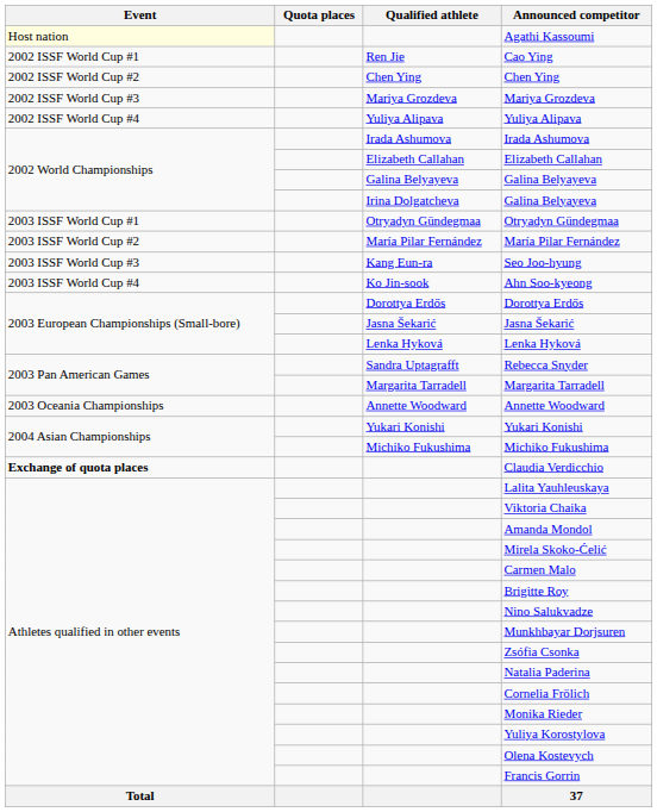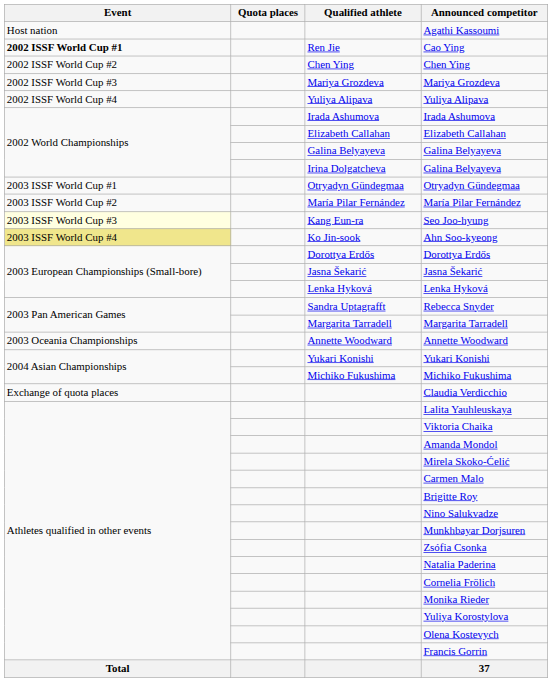 <table class=wikitable style="text-align:left" width=800>
 <tr>
 <th>Event</th>
 <th>Quota places</th>
 <th>Qualified athlete</th>
 <th>Announced competitor</th>
 </tr>
 <tr>
-<td style="background: lightyellow;">Host nation</td>
+<td>Host nation</td>
 <td></td>
 <td></td>
 <td><a href='#'>Agathi Kassoumi</a></td>
 </tr>
 <tr>
-<td>2002 ISSF World Cup #1</td>
+<td><strong>2002 ISSF World Cup #1</strong></td>
 <td></td>
 <td><a href='#'>Ren Jie</a></td>
 <td><a href='#'>Cao Ying</a></td>
 </tr>
 <tr>
 <td>2002 ISSF World Cup #2</td>
 <td></td>
 <td><a href='#'>Chen Ying</a></td>
 <td><a href='#'>Chen Ying</a></td>
 </tr>
 <tr>
 <td>2002 ISSF World Cup #3</td>
 <td></td>
 <td><a href='#'>Mariya Grozdeva</a></td>
 <td><a href='#'>Mariya Grozdeva</a></td>
 </tr>
 <tr>
 <td>2002 ISSF World Cup #4</td>
 <td></td>
 <td><a href='#'>Yuliya Alipava</a></td>
 <td><a href='#'>Yuliya Alipava</a></td>
 </tr>
 <tr>
 <td rowspan=4>2002 World Championships</td>
 <td></td>
 <td><a href='#'>Irada Ashumova</a></td>
 <td><a href='#'>Irada Ashumova</a></td>
 </tr>
 <tr>
 <td></td>
 <td><a href='#'>Elizabeth Callahan</a></td>
 <td><a href='#'>Elizabeth Callahan</a></td>
 </tr>
 <tr>
 <td></td>
 <td><a href='#'>Galina Belyayeva</a></td>
 <td><a href='#'>Galina Belyayeva</a></td>
 </tr>
 <tr>
 <td></td>
 <td><a href='#'>Irina Dolgatcheva</a></td>
 <td><a href='#'>Galina Belyayeva</a></td>
 </tr>
 <tr>
 <td>2003 ISSF World Cup #1</td>
 <td></td>
 <td><a href='#'>Otryadyn Gündegmaa</a></td>
 <td><a href='#'>Otryadyn Gündegmaa</a></td>
 </tr>
 <tr>
 <td>2003 ISSF World Cup #2</td>
 <td></td>
 <td><a href='#'>María Pilar Fernández</a></td>
 <td><a href='#'>María Pilar Fernández</a></td>
 </tr>
 <tr>
-<td>2003 ISSF World Cup #3</td>
+<td style="background: lightyellow;">2003 ISSF World Cup #3</td>
 <td></td>
 <td><a href='#'>Kang Eun-ra</a></td>
 <td><a href='#'>Seo Joo-hyung</a></td>
 </tr>
 <tr>
-<td>2003 ISSF World Cup #4</td>
+<td style="background: khaki;">2003 ISSF World Cup #4</td>
 <td></td>
 <td><a href='#'>Ko Jin-sook</a></td>
 <td><a href='#'>Ahn Soo-kyeong</a></td>
 </tr>
 <tr>
 <td rowspan=3>2003 European Championships (Small-bore)</td>
 <td></td>
 <td><a href='#'>Dorottya Erdős</a></td>
 <td><a href='#'>Dorottya Erdős</a></td>
 </tr>
 <tr>
 <td></td>
 <td><a href='#'>Jasna Šekarić</a></td>
 <td><a href='#'>Jasna Šekarić</a></td>
 </tr>
 <tr>
 <td></td>
 <td><a href='#'>Lenka Hyková</a></td>
 <td><a href='#'>Lenka Hyková</a></td>
 </tr>
 <tr>
 <td rowspan=2>2003 Pan American Games</td>
 <td></td>
 <td><a href='#'>Sandra Uptagrafft</a></td>
 <td><a href='#'>Rebecca Snyder</a></td>
 </tr>
 <tr>
 <td></td>
 <td><a href='#'>Margarita Tarradell</a></td>
 <td><a href='#'>Margarita Tarradell</a></td>
 </tr>
 <tr>
 <td>2003 Oceania Championships</td>
 <td></td>
 <td><a href='#'>Annette Woodward</a></td>
 <td><a href='#'>Annette Woodward</a></td>
 </tr>
 <tr>
 <td rowspan=2>2004 Asian Championships</td>
 <td></td>
 <td><a href='#'>Yukari Konishi</a></td>
 <td><a href='#'>Yukari Konishi</a></td>
 </tr>
 <tr>
 <td></td>
 <td><a href='#'>Michiko Fukushima</a></td>
 <td><a href='#'>Michiko Fukushima</a></td>
 </tr>
 <tr>
-<td><strong>Exchange of quota places</strong></td>
+<td>Exchange of quota places</td>
 <td></td>
 <td></td>
 <td><a href='#'>Claudia Verdicchio</a></td>
 </tr>
 <tr>
 <td rowspan=15>Athletes qualified in other events</td>
 <td></td>
 <td></td>
 <td><a href='#'>Lalita Yauhleuskaya</a></td>
 </tr>
 <tr>
 <td></td>
 <td></td>
 <td><a href='#'>Viktoria Chaika</a></td>
 </tr>
 <tr>
 <td></td>
 <td></td>
 <td><a href='#'>Amanda Mondol</a></td>
 </tr>
 <tr>
 <td></td>
 <td></td>
 <td><a href='#'>Mirela Skoko-Ćelić</a></td>
 </tr>
 <tr>
 <td></td>
 <td></td>
 <td><a href='#'>Carmen Malo</a></td>
 </tr>
 <tr>
 <td></td>
 <td></td>
 <td><a href='#'>Brigitte Roy</a></td>
 </tr>
 <tr>
 <td></td>
 <td></td>
 <td><a href='#'>Nino Salukvadze</a></td>
 </tr>
 <tr>
 <td></td>
 <td></td>
 <td><a href='#'>Munkhbayar Dorjsuren</a></td>
 </tr>
 <tr>
 <td></td>
 <td></td>
 <td><a href='#'>Zsófia Csonka</a></td>
 </tr>
 <tr>
 <td></td>
 <td></td>
 <td><a href='#'>Natalia Paderina</a></td>
 </tr>
 <tr>
 <td></td>
 <td></td>
 <td><a href='#'>Cornelia Frölich</a></td>
 </tr>
 <tr>
 <td></td>
 <td></td>
 <td><a href='#'>Monika Rieder</a></td>
 </tr>
 <tr>
 <td></td>
 <td></td>
 <td><a href='#'>Yuliya Korostylova</a></td>
 </tr>
 <tr>
 <td></td>
 <td></td>
 <td><a href='#'>Olena Kostevych</a></td>
 </tr>
 <tr>
 <td></td>
 <td></td>
 <td><a href='#'>Francis Gorrin</a></td>
 </tr>
 <tr>
 <th>Total</th>
 <th></th>
 <th></th>
 <th>37</th>
 </tr>
 </table>
